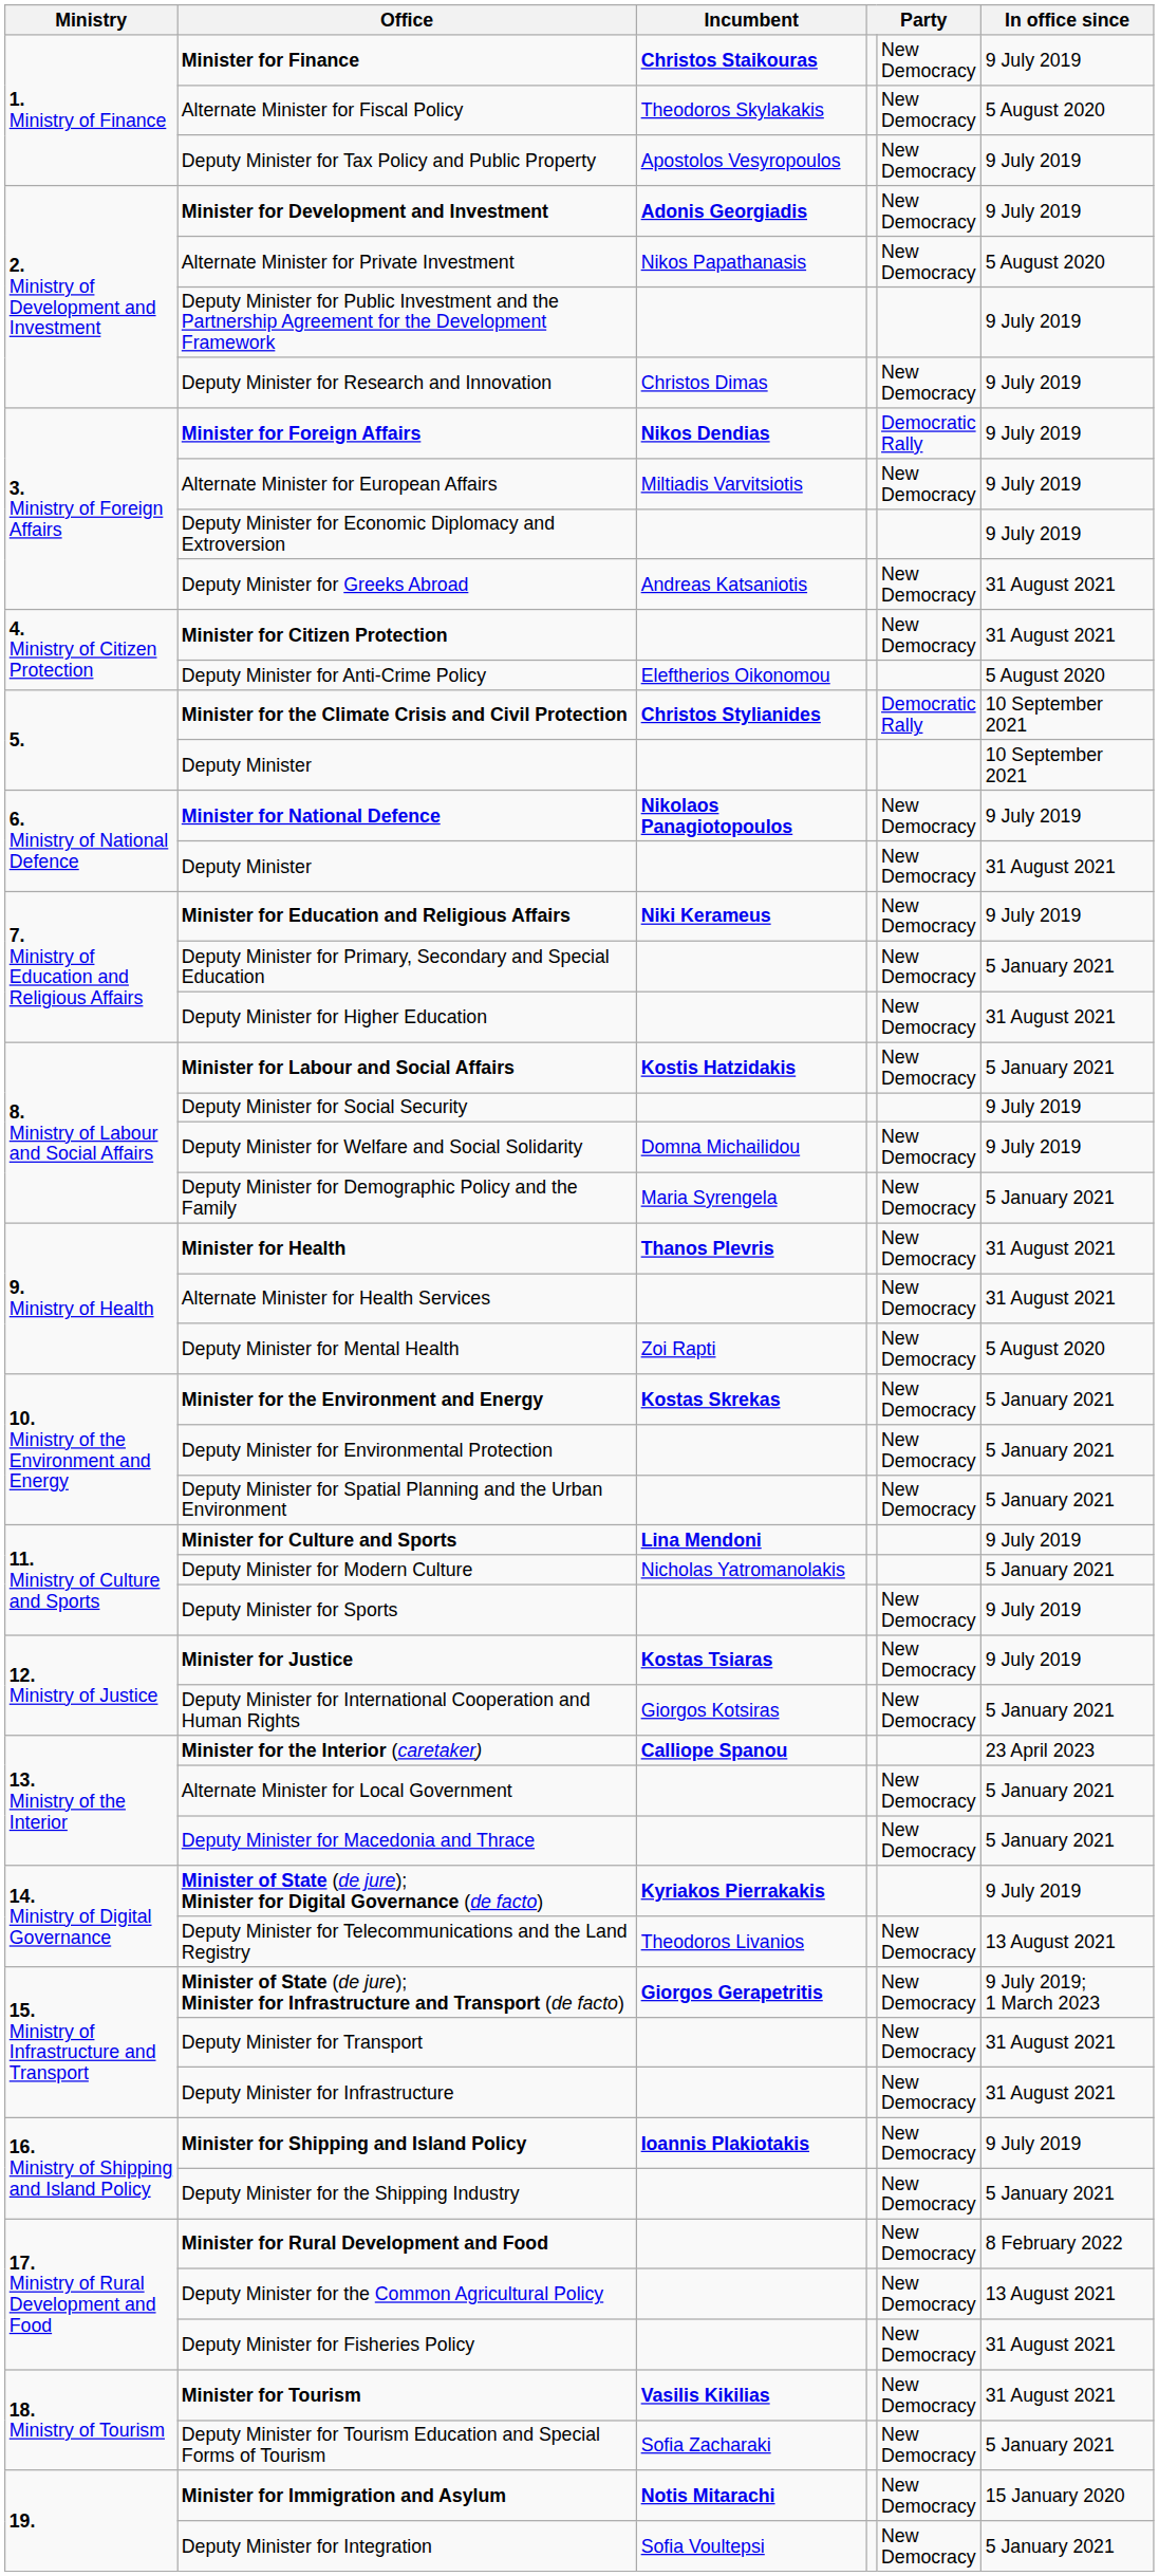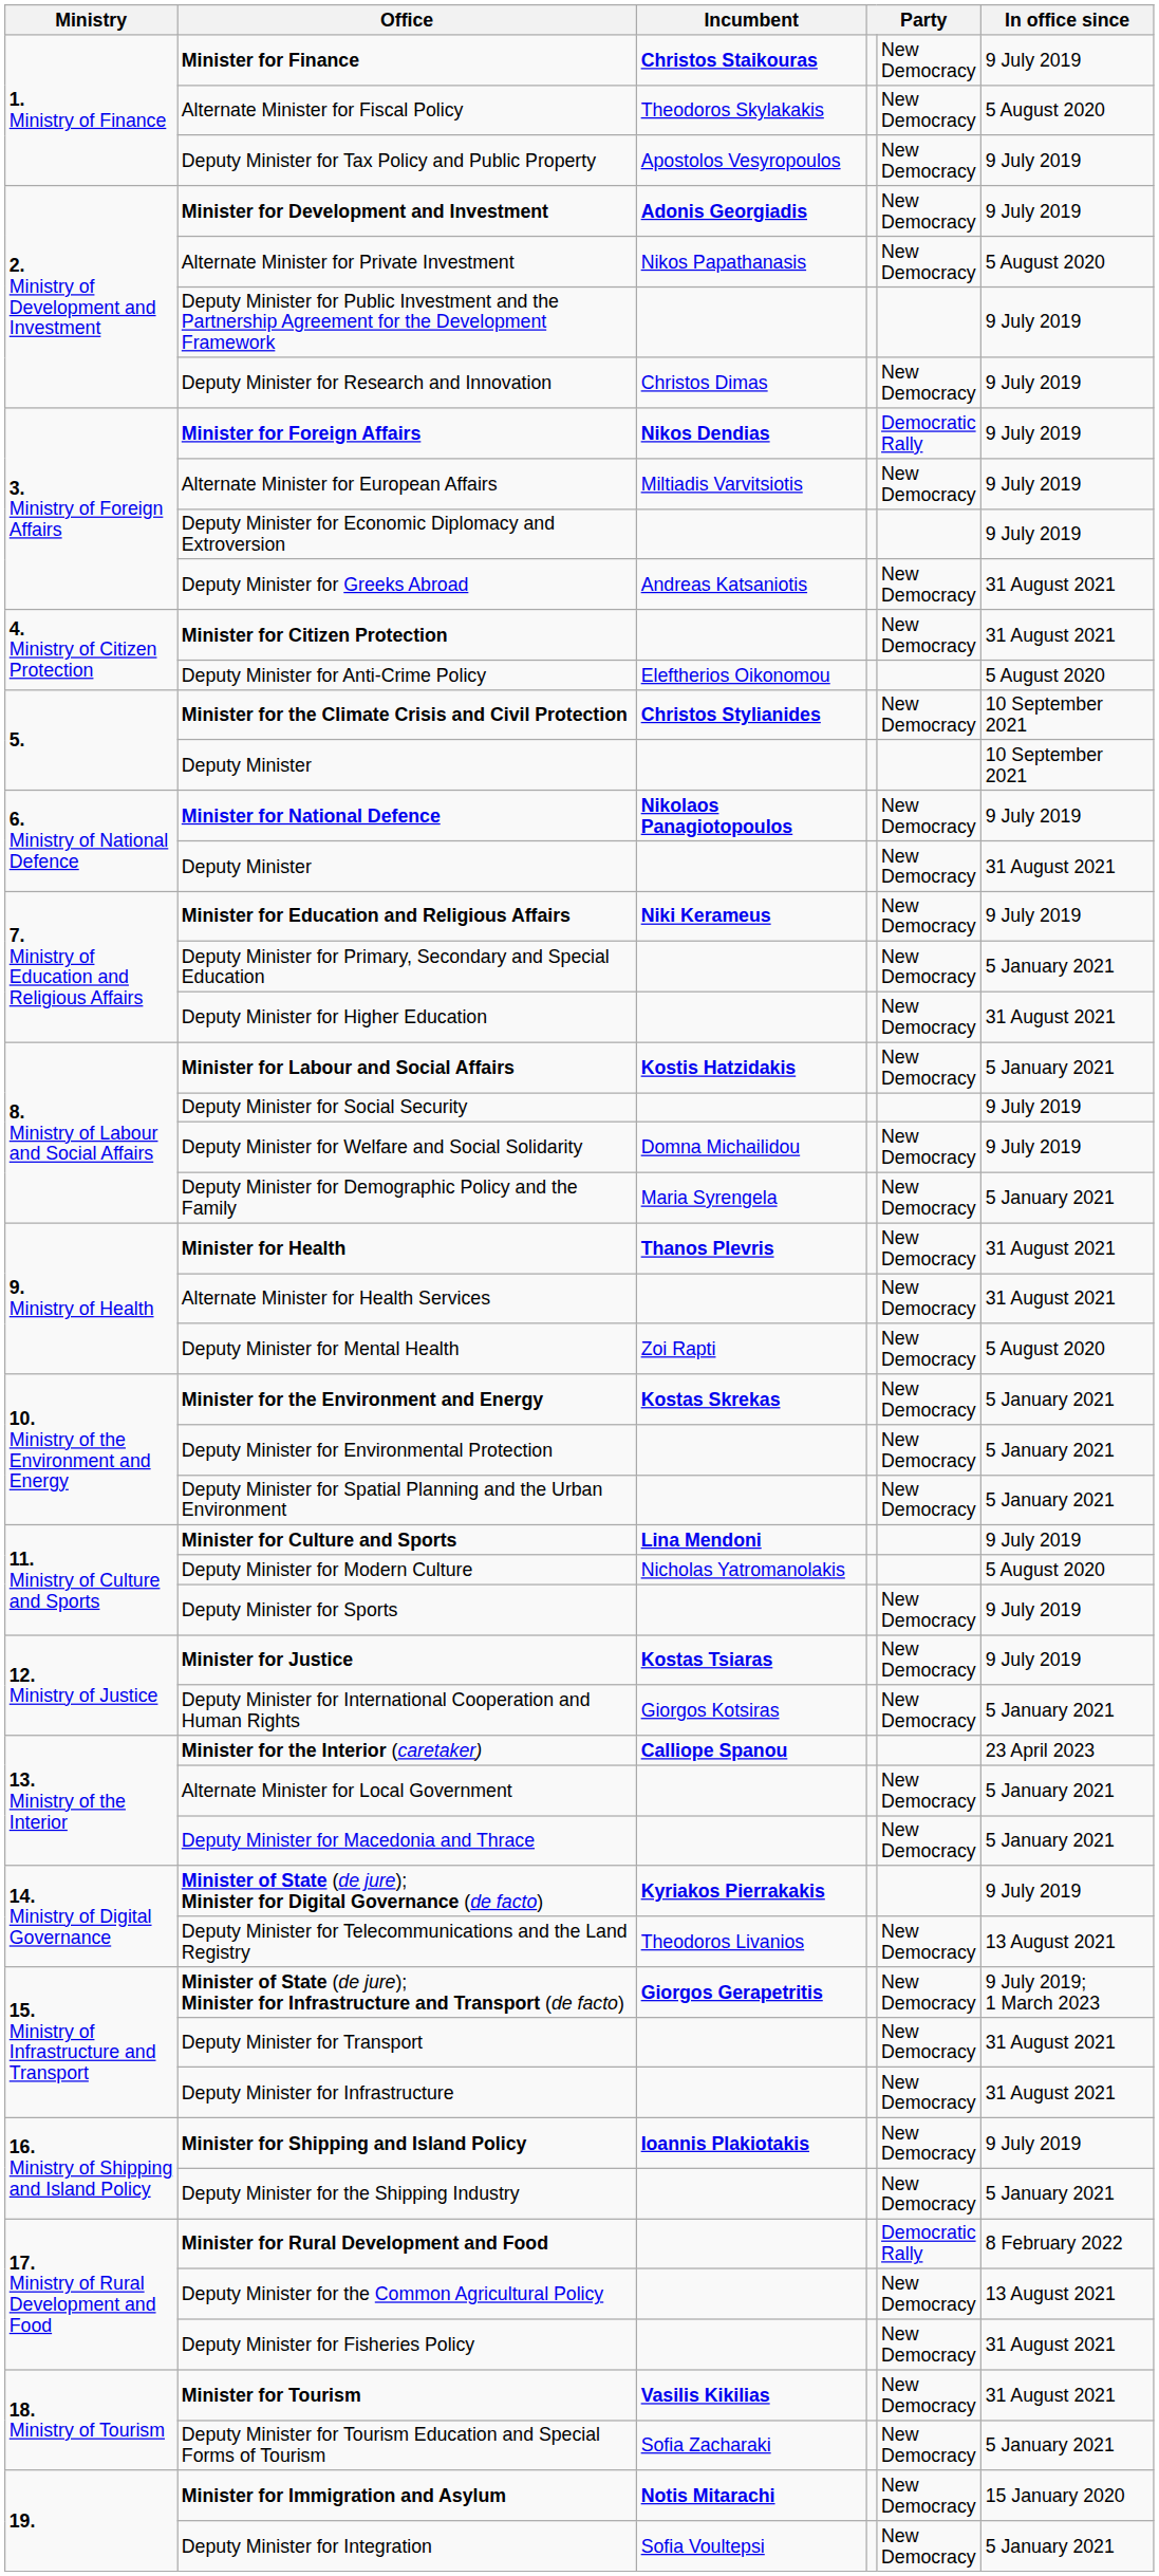 <table class="wikitable" style="width: 70%; font-size: 90%;">
 <tr>
 <th width="15%">Ministry</th>
 <th width="40%">Office</th>
 <th width="20%">Incumbent</th>
 <th width="10%" colspan="2">Party</th>
 <th width="15%">In office since</th>
 </tr>
 <tr>
 <td rowspan=3><strong>1.</strong><br><a href='#'>Ministry of Finance</a></td>
 <td><strong>Minister for Finance</strong></td>
 <td><strong><a href='#'>Christos Staikouras</a></strong></td>
 <td width="5" style="background-color: "></td>
 <td>New Democracy</td>
 <td>9 July 2019</td>
 </tr>
 <tr>
 <td>Alternate Minister for Fiscal Policy</td>
 <td><a href='#'>Theodoros Skylakakis</a></td>
 <td width="5" style="background-color: "></td>
 <td>New Democracy</td>
 <td>5 August 2020</td>
 </tr>
 <tr>
 <td>Deputy Minister for Tax Policy and Public Property</td>
 <td><a href='#'>Apostolos Vesyropoulos</a></td>
 <td width="5" style="background-color: "></td>
 <td>New Democracy</td>
 <td>9 July 2019</td>
 </tr>
 <tr>
 <td rowspan=4><strong>2.</strong><br><a href='#'>Ministry of Development and Investment</a></td>
 <td><strong>Minister for Development and Investment</strong></td>
 <td><strong><a href='#'>Adonis Georgiadis</a></strong></td>
 <td width="5" style="background-color: "></td>
 <td>New Democracy</td>
 <td>9 July 2019</td>
 </tr>
 <tr>
 <td>Alternate Minister for Private Investment</td>
 <td><a href='#'>Nikos Papathanasis</a></td>
 <td width="5" style="background-color: "></td>
 <td>New Democracy</td>
 <td>5 August 2020</td>
 </tr>
 <tr>
 <td>Deputy Minister for Public Investment and the <a href='#'>Partnership Agreement for the Development Framework</a></td>
 <td></td>
 <td></td>
 <td></td>
 <td>9 July 2019</td>
 </tr>
 <tr>
 <td>Deputy Minister for Research and Innovation</td>
 <td><a href='#'>Christos Dimas</a></td>
 <td width="5" style="background-color: "></td>
 <td>New Democracy</td>
 <td>9 July 2019</td>
 </tr>
 <tr>
 <td rowspan=4><strong>3.</strong><br><a href='#'>Ministry of Foreign Affairs</a></td>
 <td><strong><a href='#'>Minister for Foreign Affairs</a></strong></td>
 <td><strong><a href='#'>Nikos Dendias</a></strong></td>
 <td width="5" style="background-color: "></td>
 <td><a href='#'>Democratic Rally</a></td>
 <td>9 July 2019</td>
 </tr>
 <tr>
 <td>Alternate Minister for European Affairs</td>
 <td><a href='#'>Miltiadis Varvitsiotis</a></td>
 <td width="5" style="background-color: "></td>
 <td>New Democracy</td>
 <td>9 July 2019</td>
 </tr>
 <tr>
 <td>Deputy Minister for Economic Diplomacy and Extroversion</td>
 <td></td>
 <td></td>
 <td></td>
 <td>9 July 2019</td>
 </tr>
 <tr>
 <td>Deputy Minister for <a href='#'>Greeks Abroad</a></td>
 <td><a href='#'>Andreas Katsaniotis</a></td>
 <td width="5" style="background-color: "></td>
 <td>New Democracy</td>
 <td>31 August 2021</td>
 </tr>
 <tr>
 <td rowspan=2><strong>4.</strong><br><a href='#'>Ministry of Citizen Protection</a></td>
 <td><strong>Minister for Citizen Protection</strong></td>
 <td><strong></strong></td>
 <td width="5" style="background-color: "></td>
 <td>New Democracy</td>
 <td>31 August 2021</td>
 </tr>
 <tr>
 <td>Deputy Minister for Anti-Crime Policy</td>
 <td><a href='#'>Eleftherios Oikonomou</a></td>
 <td></td>
 <td></td>
 <td>5 August 2020</td>
 </tr>
 <tr>
 <td rowspan=2><strong>5.</strong><br></td>
 <td><strong>Minister for the Climate Crisis and Civil Protection</strong></td>
 <td><strong><a href='#'>Christos Stylianides</a></strong></td>
 <td width="5" style="background-color: "></td>
-<td><a href='#'>Democratic Rally</a></td>
+<td>New Democracy</td>
 <td>10 September 2021</td>
 </tr>
 <tr>
 <td>Deputy Minister</td>
 <td></td>
 <td></td>
 <td></td>
 <td>10 September 2021</td>
 </tr>
 <tr>
 <td rowspan=2><strong>6.</strong><br><a href='#'>Ministry of National Defence</a></td>
 <td><strong><a href='#'>Minister for National Defence</a></strong></td>
 <td><strong><a href='#'>Nikolaos Panagiotopoulos</a></strong></td>
 <td width="5" style="background-color: "></td>
 <td>New Democracy</td>
 <td>9 July 2019</td>
 </tr>
 <tr>
 <td>Deputy Minister</td>
 <td></td>
 <td width="5" style="background-color: "></td>
 <td>New Democracy</td>
 <td>31 August 2021</td>
 </tr>
 <tr>
 <td rowspan=3><strong>7.</strong><br><a href='#'>Ministry of Education and Religious Affairs</a></td>
 <td><strong>Minister for Education and Religious Affairs</strong></td>
 <td><strong><a href='#'>Niki Kerameus</a></strong></td>
 <td width="5" style="background-color: "></td>
 <td>New Democracy</td>
 <td>9 July 2019</td>
 </tr>
 <tr>
 <td>Deputy Minister for Primary, Secondary and Special Education</td>
 <td></td>
 <td width="5" style="background-color: "></td>
 <td>New Democracy</td>
 <td>5 January 2021</td>
 </tr>
 <tr>
 <td>Deputy Minister for Higher Education</td>
 <td></td>
 <td width="5" style="background-color: "></td>
 <td>New Democracy</td>
 <td>31 August 2021</td>
 </tr>
 <tr>
 <td rowspan=4><strong>8.</strong><br><a href='#'>Ministry of Labour and Social Affairs</a></td>
 <td><strong>Minister for Labour and Social Affairs</strong></td>
 <td><strong><a href='#'>Kostis Hatzidakis</a></strong></td>
 <td width="5" style="background-color: "></td>
 <td>New Democracy</td>
 <td>5 January 2021</td>
 </tr>
 <tr>
 <td>Deputy Minister for Social Security</td>
 <td></td>
 <td></td>
 <td></td>
 <td>9 July 2019</td>
 </tr>
 <tr>
 <td>Deputy Minister for Welfare and Social Solidarity</td>
 <td><a href='#'>Domna Michailidou</a></td>
 <td width="5" style="background-color: "></td>
 <td>New Democracy</td>
 <td>9 July 2019</td>
 </tr>
 <tr>
 <td>Deputy Minister for Demographic Policy and the Family</td>
 <td><a href='#'>Maria Syrengela</a></td>
 <td width="5" style="background-color: "></td>
 <td>New Democracy</td>
 <td>5 January 2021</td>
 </tr>
 <tr>
 <td rowspan=3><strong>9.</strong><br><a href='#'>Ministry of Health</a></td>
 <td><strong>Minister for Health</strong></td>
 <td><strong><a href='#'>Thanos Plevris</a></strong></td>
 <td width="5" style="background-color: "></td>
 <td>New Democracy</td>
 <td>31 August 2021</td>
 </tr>
 <tr>
 <td>Alternate Minister for Health Services</td>
 <td></td>
 <td width="5" style="background-color: "></td>
 <td>New Democracy</td>
 <td>31 August 2021</td>
 </tr>
 <tr>
 <td>Deputy Minister for Mental Health</td>
 <td><a href='#'>Zoi Rapti</a></td>
 <td width="5" style="background-color: "></td>
 <td>New Democracy</td>
 <td>5 August 2020</td>
 </tr>
 <tr>
 <td rowspan=3><strong>10.</strong><br><a href='#'>Ministry of the Environment and Energy</a></td>
 <td><strong>Minister for the Environment and Energy</strong></td>
 <td><strong><a href='#'>Kostas Skrekas</a></strong></td>
 <td width="5" style="background-color: "></td>
 <td>New Democracy</td>
 <td>5 January 2021</td>
 </tr>
 <tr>
 <td>Deputy Minister for Environmental Protection</td>
 <td></td>
 <td width="5" style="background-color: "></td>
 <td>New Democracy</td>
 <td>5 January 2021</td>
 </tr>
 <tr>
 <td>Deputy Minister for Spatial Planning and the Urban Environment</td>
 <td></td>
 <td width="5" style="background-color: "></td>
 <td>New Democracy</td>
 <td>5 January 2021</td>
 </tr>
 <tr>
 <td rowspan=3><strong>11.</strong><br><a href='#'>Ministry of Culture and Sports</a></td>
 <td><strong>Minister for Culture and Sports</strong></td>
 <td><strong><a href='#'>Lina Mendoni</a></strong></td>
 <td></td>
 <td></td>
 <td>9 July 2019</td>
 </tr>
 <tr>
 <td>Deputy Minister for Modern Culture</td>
 <td><a href='#'>Nicholas Yatromanolakis</a></td>
 <td></td>
 <td></td>
-<td>5 January 2021</td>
+<td>5 August 2020</td>
 </tr>
 <tr>
 <td>Deputy Minister for Sports</td>
 <td></td>
 <td width="5" style="background-color: "></td>
 <td>New Democracy</td>
 <td>9 July 2019</td>
 </tr>
 <tr>
 <td rowspan=2><strong>12.</strong><br><a href='#'>Ministry of Justice</a></td>
 <td><strong>Minister for Justice</strong></td>
 <td><strong><a href='#'>Kostas Tsiaras</a></strong></td>
 <td width="5" style="background-color: "></td>
 <td>New Democracy</td>
 <td>9 July 2019</td>
 </tr>
 <tr>
 <td>Deputy Minister for International Cooperation and Human Rights</td>
 <td><a href='#'>Giorgos Kotsiras</a></td>
 <td width="5" style="background-color: "></td>
 <td>New Democracy</td>
 <td>5 January 2021</td>
 </tr>
 <tr>
 <td rowspan=3><strong>13.</strong><br><a href='#'>Ministry of the Interior</a></td>
 <td><strong>Minister for the Interior</strong> (<em><a href='#'>caretaker</a>)</em></td>
 <td><strong><a href='#'>Calliope Spanou</a></strong></td>
 <td></td>
 <td></td>
 <td>23 April 2023</td>
 </tr>
 <tr>
 <td>Alternate Minister for Local Government</td>
 <td></td>
 <td width="5" style="background-color: "></td>
 <td>New Democracy</td>
 <td>5 January 2021</td>
 </tr>
 <tr>
 <td><a href='#'>Deputy Minister for Macedonia and Thrace</a></td>
 <td></td>
 <td width="5" style="background-color: "></td>
 <td>New Democracy</td>
 <td>5 January 2021</td>
 </tr>
 <tr>
 <td rowspan=2><strong>14.</strong><br><a href='#'>Ministry of Digital Governance</a></td>
 <td><strong><a href='#'>Minister of State</a></strong> (<em><a href='#'>de jure</a></em>);<br><strong>Minister for Digital Governance</strong> (<em><a href='#'>de facto</a></em>)</td>
 <td><strong><a href='#'>Kyriakos Pierrakakis</a></strong></td>
 <td></td>
 <td></td>
 <td>9 July 2019</td>
 </tr>
 <tr>
 <td>Deputy Minister for Telecommunications and the Land Registry</td>
 <td><a href='#'>Theodoros Livanios</a></td>
 <td width="5" style="background-color: "></td>
 <td>New Democracy</td>
 <td>13 August 2021</td>
 </tr>
 <tr>
 <td rowspan=3><strong>15.</strong><br><a href='#'>Ministry of Infrastructure and Transport</a></td>
 <td><strong>Minister of State</strong> (<em>de jure</em>);<br><strong>Minister for Infrastructure and Transport</strong> (<em>de facto</em>)</td>
 <td><strong><a href='#'>Giorgos Gerapetritis</a></strong></td>
 <td width="5" style="background-color: "></td>
 <td>New Democracy</td>
 <td>9 July 2019;<br>1 March 2023</td>
 </tr>
 <tr>
 <td>Deputy Minister for Transport</td>
 <td></td>
 <td width="5" style="background-color: "></td>
 <td>New Democracy</td>
 <td>31 August 2021</td>
 </tr>
 <tr>
 <td>Deputy Minister for Infrastructure</td>
 <td></td>
 <td width="5" style="background-color: "></td>
 <td>New Democracy</td>
 <td>31 August 2021</td>
 </tr>
 <tr>
 <td rowspan=2><strong>16.</strong><br><a href='#'>Ministry of Shipping and Island Policy</a></td>
 <td><strong>Minister for Shipping and Island Policy</strong></td>
 <td><strong><a href='#'>Ioannis Plakiotakis</a></strong></td>
 <td width="5" style="background-color: "></td>
 <td>New Democracy</td>
 <td>9 July 2019</td>
 </tr>
 <tr>
 <td>Deputy Minister for the Shipping Industry</td>
 <td></td>
 <td width="5" style="background-color: "></td>
 <td>New Democracy</td>
 <td>5 January 2021</td>
 </tr>
 <tr>
 <td rowspan=3><strong>17.</strong><br><a href='#'>Ministry of Rural Development and Food</a></td>
 <td><strong>Minister for Rural Development and Food</strong></td>
 <td><strong></strong></td>
 <td width="5" style="background-color: "></td>
-<td>New Democracy</td>
+<td><a href='#'>Democratic Rally</a></td>
 <td>8 February 2022</td>
 </tr>
 <tr>
 <td>Deputy Minister for the <a href='#'>Common Agricultural Policy</a></td>
 <td></td>
 <td width="5" style="background-color: "></td>
 <td>New Democracy</td>
 <td>13 August 2021</td>
 </tr>
 <tr>
 <td>Deputy Minister for Fisheries Policy</td>
 <td></td>
 <td width="5" style="background-color: "></td>
 <td>New Democracy</td>
 <td>31 August 2021</td>
 </tr>
 <tr>
 <td rowspan=2><strong>18.</strong><br><a href='#'>Ministry of Tourism</a></td>
 <td><strong>Minister for Tourism</strong></td>
 <td><strong><a href='#'>Vasilis Kikilias</a></strong></td>
 <td width="5" style="background-color: "></td>
 <td>New Democracy</td>
 <td>31 August 2021</td>
 </tr>
 <tr>
 <td>Deputy Minister for Tourism Education and Special Forms of Tourism</td>
 <td><a href='#'>Sofia Zacharaki</a></td>
 <td width="5" style="background-color: "></td>
 <td>New Democracy</td>
 <td>5 January 2021</td>
 </tr>
 <tr>
 <td rowspan=2><strong>19.</strong><br></td>
 <td><strong>Minister for Immigration and Asylum</strong></td>
 <td><strong><a href='#'>Notis Mitarachi</a></strong></td>
 <td width="5" style="background-color: "></td>
 <td>New Democracy</td>
 <td>15 January 2020</td>
 </tr>
 <tr>
 <td>Deputy Minister for Integration</td>
 <td><a href='#'>Sofia Voultepsi</a></td>
 <td width="5" style="background-color: "></td>
 <td>New Democracy</td>
 <td>5 January 2021</td>
 </tr>
 </table>
